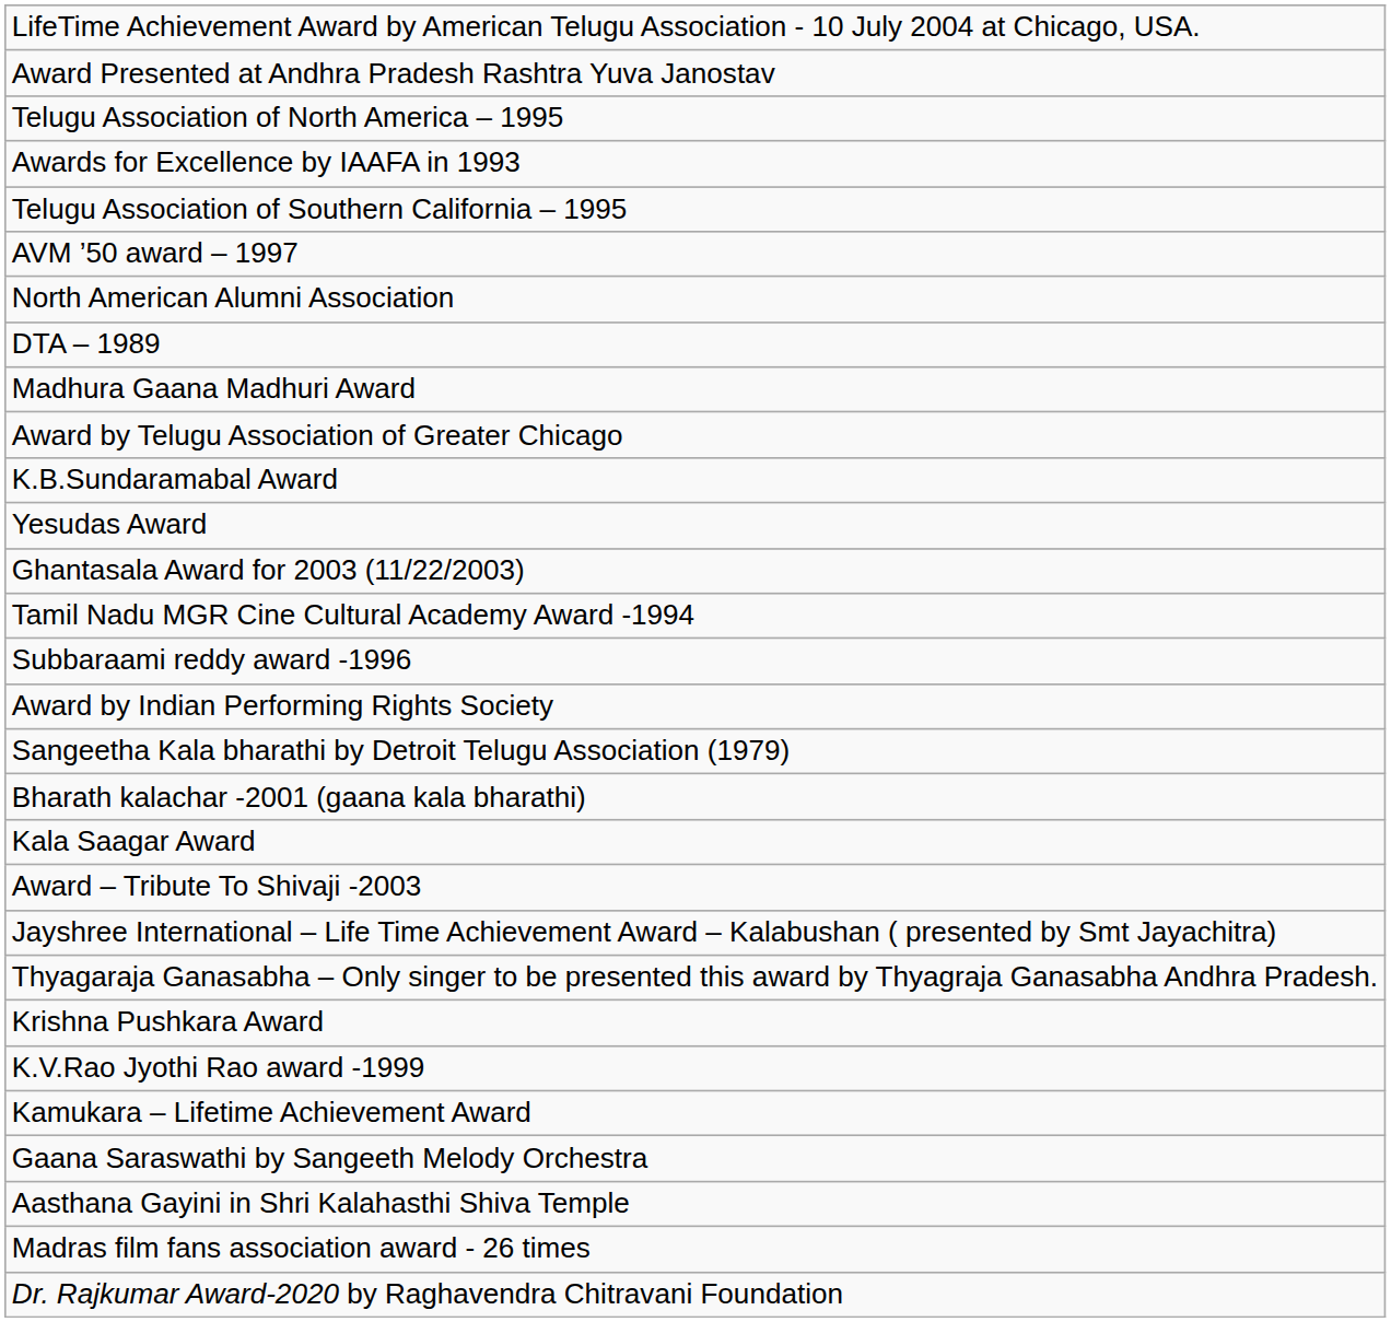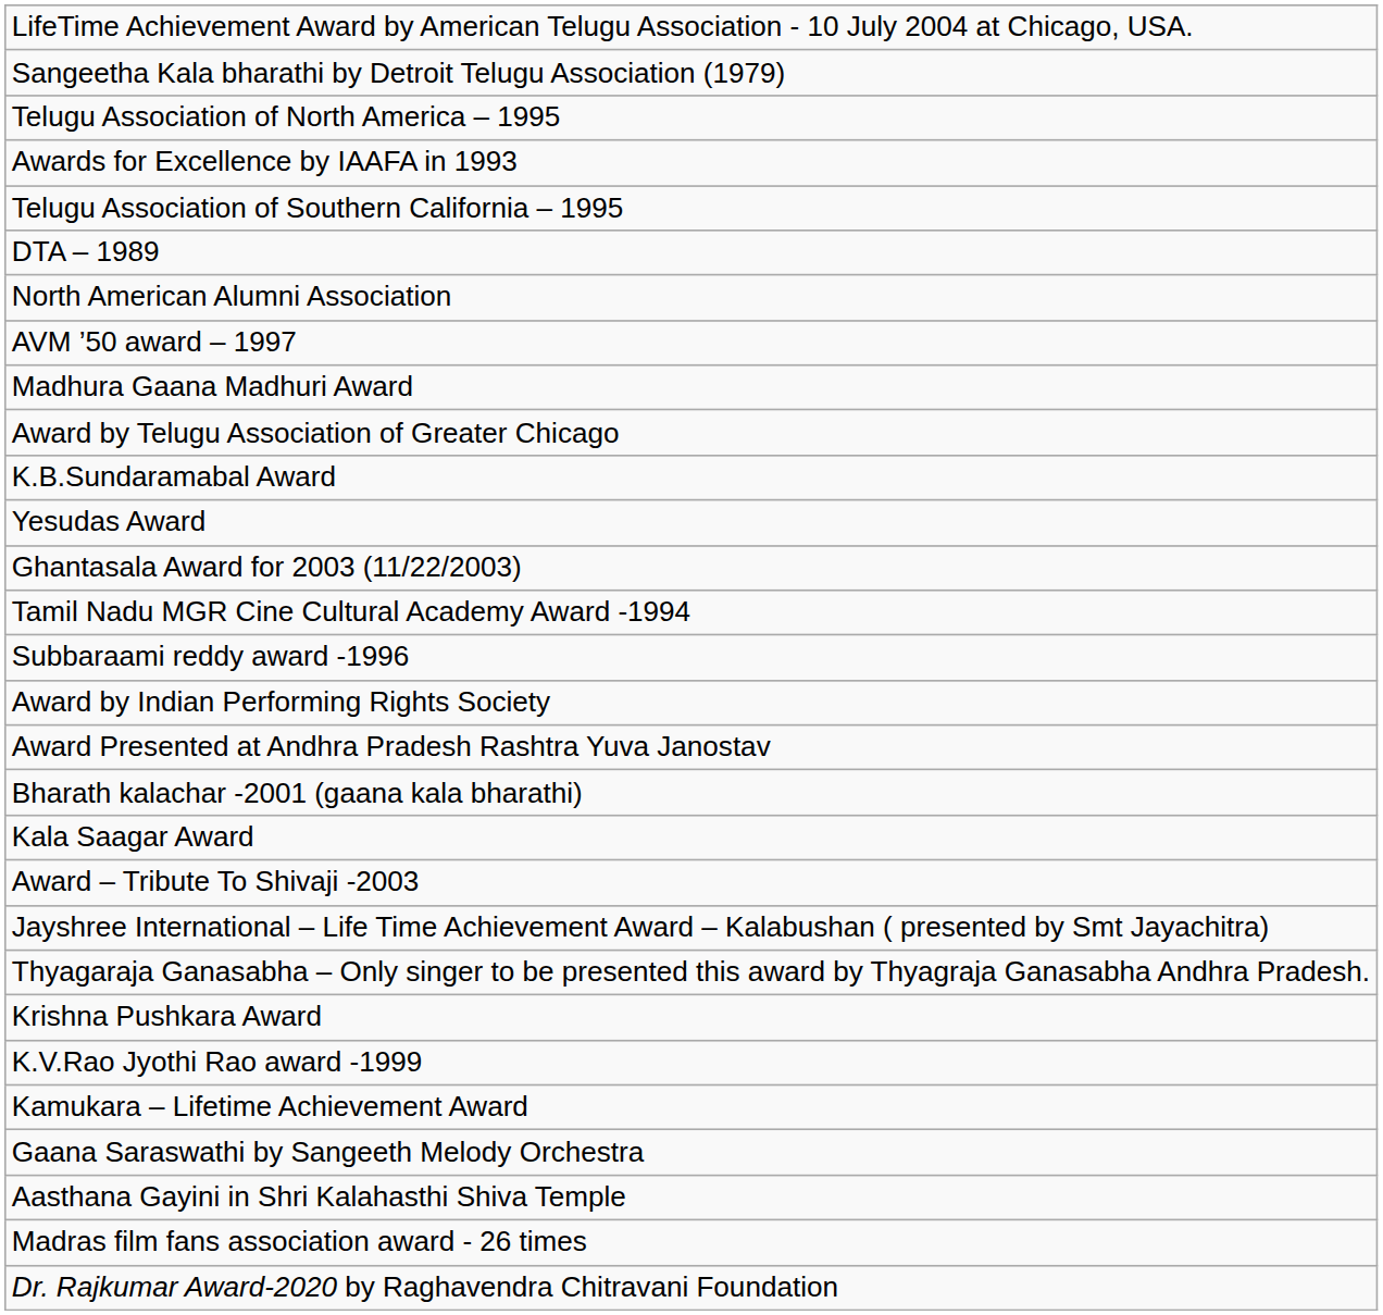 <table class="wikitable">
 <tr>
 <td>LifeTime Achievement Award by American Telugu Association - 10 July 2004 at Chicago, USA.</td>
 </tr>
 <tr>
-<td>Award Presented at Andhra Pradesh Rashtra Yuva Janostav</td>
+<td>Sangeetha Kala bharathi by Detroit Telugu Association (1979)</td>
 </tr>
 <tr>
 <td>Telugu Association of North America – 1995</td>
 </tr>
 <tr>
 <td>Awards for Excellence by IAAFA in 1993</td>
 </tr>
 <tr>
 <td>Telugu Association of Southern California – 1995</td>
 </tr>
 <tr>
-<td>AVM ’50 award – 1997</td>
+<td>DTA – 1989</td>
 </tr>
 <tr>
 <td>North American Alumni Association</td>
 </tr>
 <tr>
-<td>DTA – 1989</td>
+<td>AVM ’50 award – 1997</td>
 </tr>
 <tr>
 <td>Madhura Gaana Madhuri Award</td>
 </tr>
 <tr>
 <td>Award by Telugu Association of Greater Chicago</td>
 </tr>
 <tr>
 <td>K.B.Sundaramabal Award</td>
 </tr>
 <tr>
 <td>Yesudas Award</td>
 </tr>
 <tr>
 <td>Ghantasala Award for 2003 (11/22/2003)</td>
 </tr>
 <tr>
 <td>Tamil Nadu MGR Cine Cultural Academy Award -1994</td>
 </tr>
 <tr>
 <td>Subbaraami reddy award -1996</td>
 </tr>
 <tr>
 <td>Award by Indian Performing Rights Society</td>
 </tr>
 <tr>
-<td>Sangeetha Kala bharathi by Detroit Telugu Association (1979)</td>
+<td>Award Presented at Andhra Pradesh Rashtra Yuva Janostav</td>
 </tr>
 <tr>
 <td>Bharath kalachar -2001 (gaana kala bharathi)</td>
 </tr>
 <tr>
 <td>Kala Saagar Award</td>
 </tr>
 <tr>
 <td>Award – Tribute To Shivaji -2003</td>
 </tr>
 <tr>
 <td>Jayshree International – Life Time Achievement Award – Kalabushan ( presented by Smt Jayachitra)</td>
 </tr>
 <tr>
 <td>Thyagaraja Ganasabha – Only singer to be presented this award by Thyagraja Ganasabha Andhra Pradesh.</td>
 </tr>
 <tr>
 <td>Krishna Pushkara Award</td>
 </tr>
 <tr>
 <td>K.V.Rao Jyothi Rao award -1999</td>
 </tr>
 <tr>
 <td>Kamukara – Lifetime Achievement Award</td>
 </tr>
 <tr>
 <td>Gaana Saraswathi by Sangeeth Melody Orchestra</td>
 </tr>
 <tr>
 <td>Aasthana Gayini in Shri Kalahasthi Shiva Temple</td>
 </tr>
 <tr>
 <td>Madras film fans association award - 26 times</td>
 </tr>
 <tr>
 <td><em>Dr. Rajkumar Award-2020</em> by Raghavendra Chitravani Foundation</td>
 </tr>
 </table>
